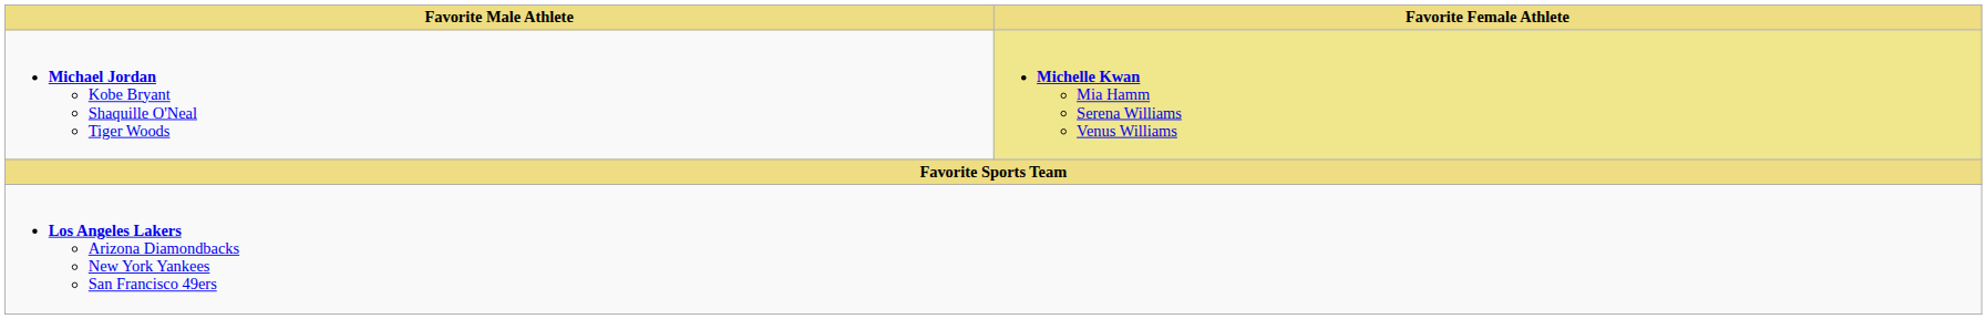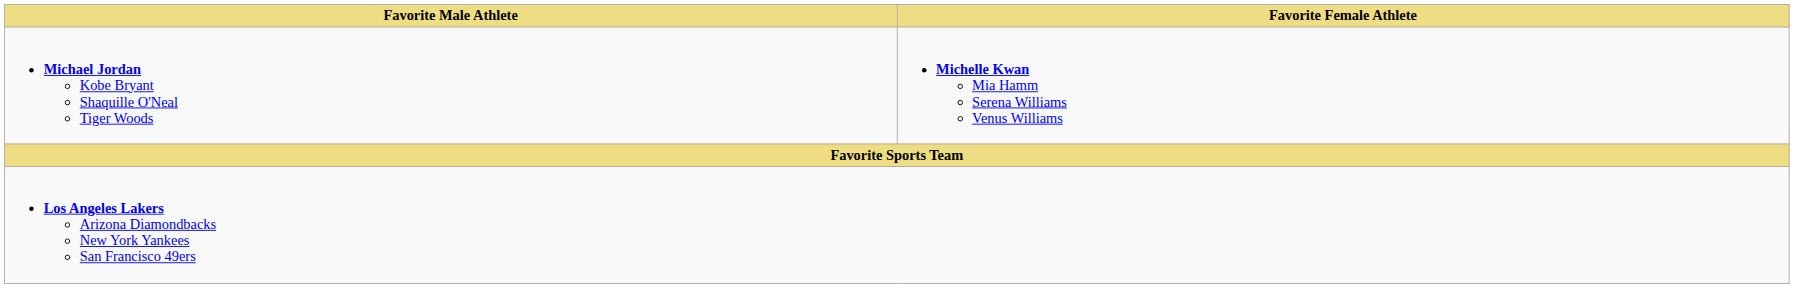 <table class="wikitable" style="width:100%">
 <tr>
 <th style="background:#EEDD82; width:50%">Favorite Male Athlete</th>
 <th style="background:#EEDD82; width:50%">Favorite Female Athlete</th>
 </tr>
 <tr>
 <td valign="top"><br><ul><li><strong><a href='#'>Michael Jordan</a></strong><ul><li><a href='#'>Kobe Bryant</a></li><li><a href='#'>Shaquille O'Neal</a></li><li><a href='#'>Tiger Woods</a></li></ul></li></ul></td>
-<td valign="top" style="background: khaki;"><br><ul><li><strong><a href='#'>Michelle Kwan</a></strong><ul><li><a href='#'>Mia Hamm</a></li><li><a href='#'>Serena Williams</a></li><li><a href='#'>Venus Williams</a></li></ul></li></ul></td>
+<td valign="top"><br><ul><li><strong><a href='#'>Michelle Kwan</a></strong><ul><li><a href='#'>Mia Hamm</a></li><li><a href='#'>Serena Williams</a></li><li><a href='#'>Venus Williams</a></li></ul></li></ul></td>
 </tr>
 <tr>
 <th style="background:#EEDD82;" colspan="2">Favorite Sports Team</th>
 </tr>
 <tr>
 <td colspan="2" valign="top"><br><ul><li><strong><a href='#'>Los Angeles Lakers</a></strong><ul><li><a href='#'>Arizona Diamondbacks</a></li><li><a href='#'>New York Yankees</a></li><li><a href='#'>San Francisco 49ers</a></li></ul></li></ul></td>
 </tr>
 </table>
